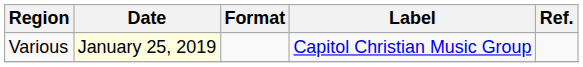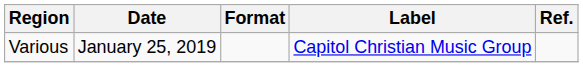 <table class="wikitable plainrowheaders">
 <tr>
 <th scope="col">Region</th>
 <th scope="col">Date</th>
 <th scope="col">Format</th>
 <th scope="col">Label</th>
 <th scope="col">Ref.</th>
 </tr>
 <tr>
 <td>Various</td>
-<td style="background: lightyellow;">January 25, 2019</td>
+<td>January 25, 2019</td>
 <td></td>
 <td><a href='#'>Capitol Christian Music Group</a></td>
 <td></td>
 </tr>
 <tr>
 </tr>
 </table>
